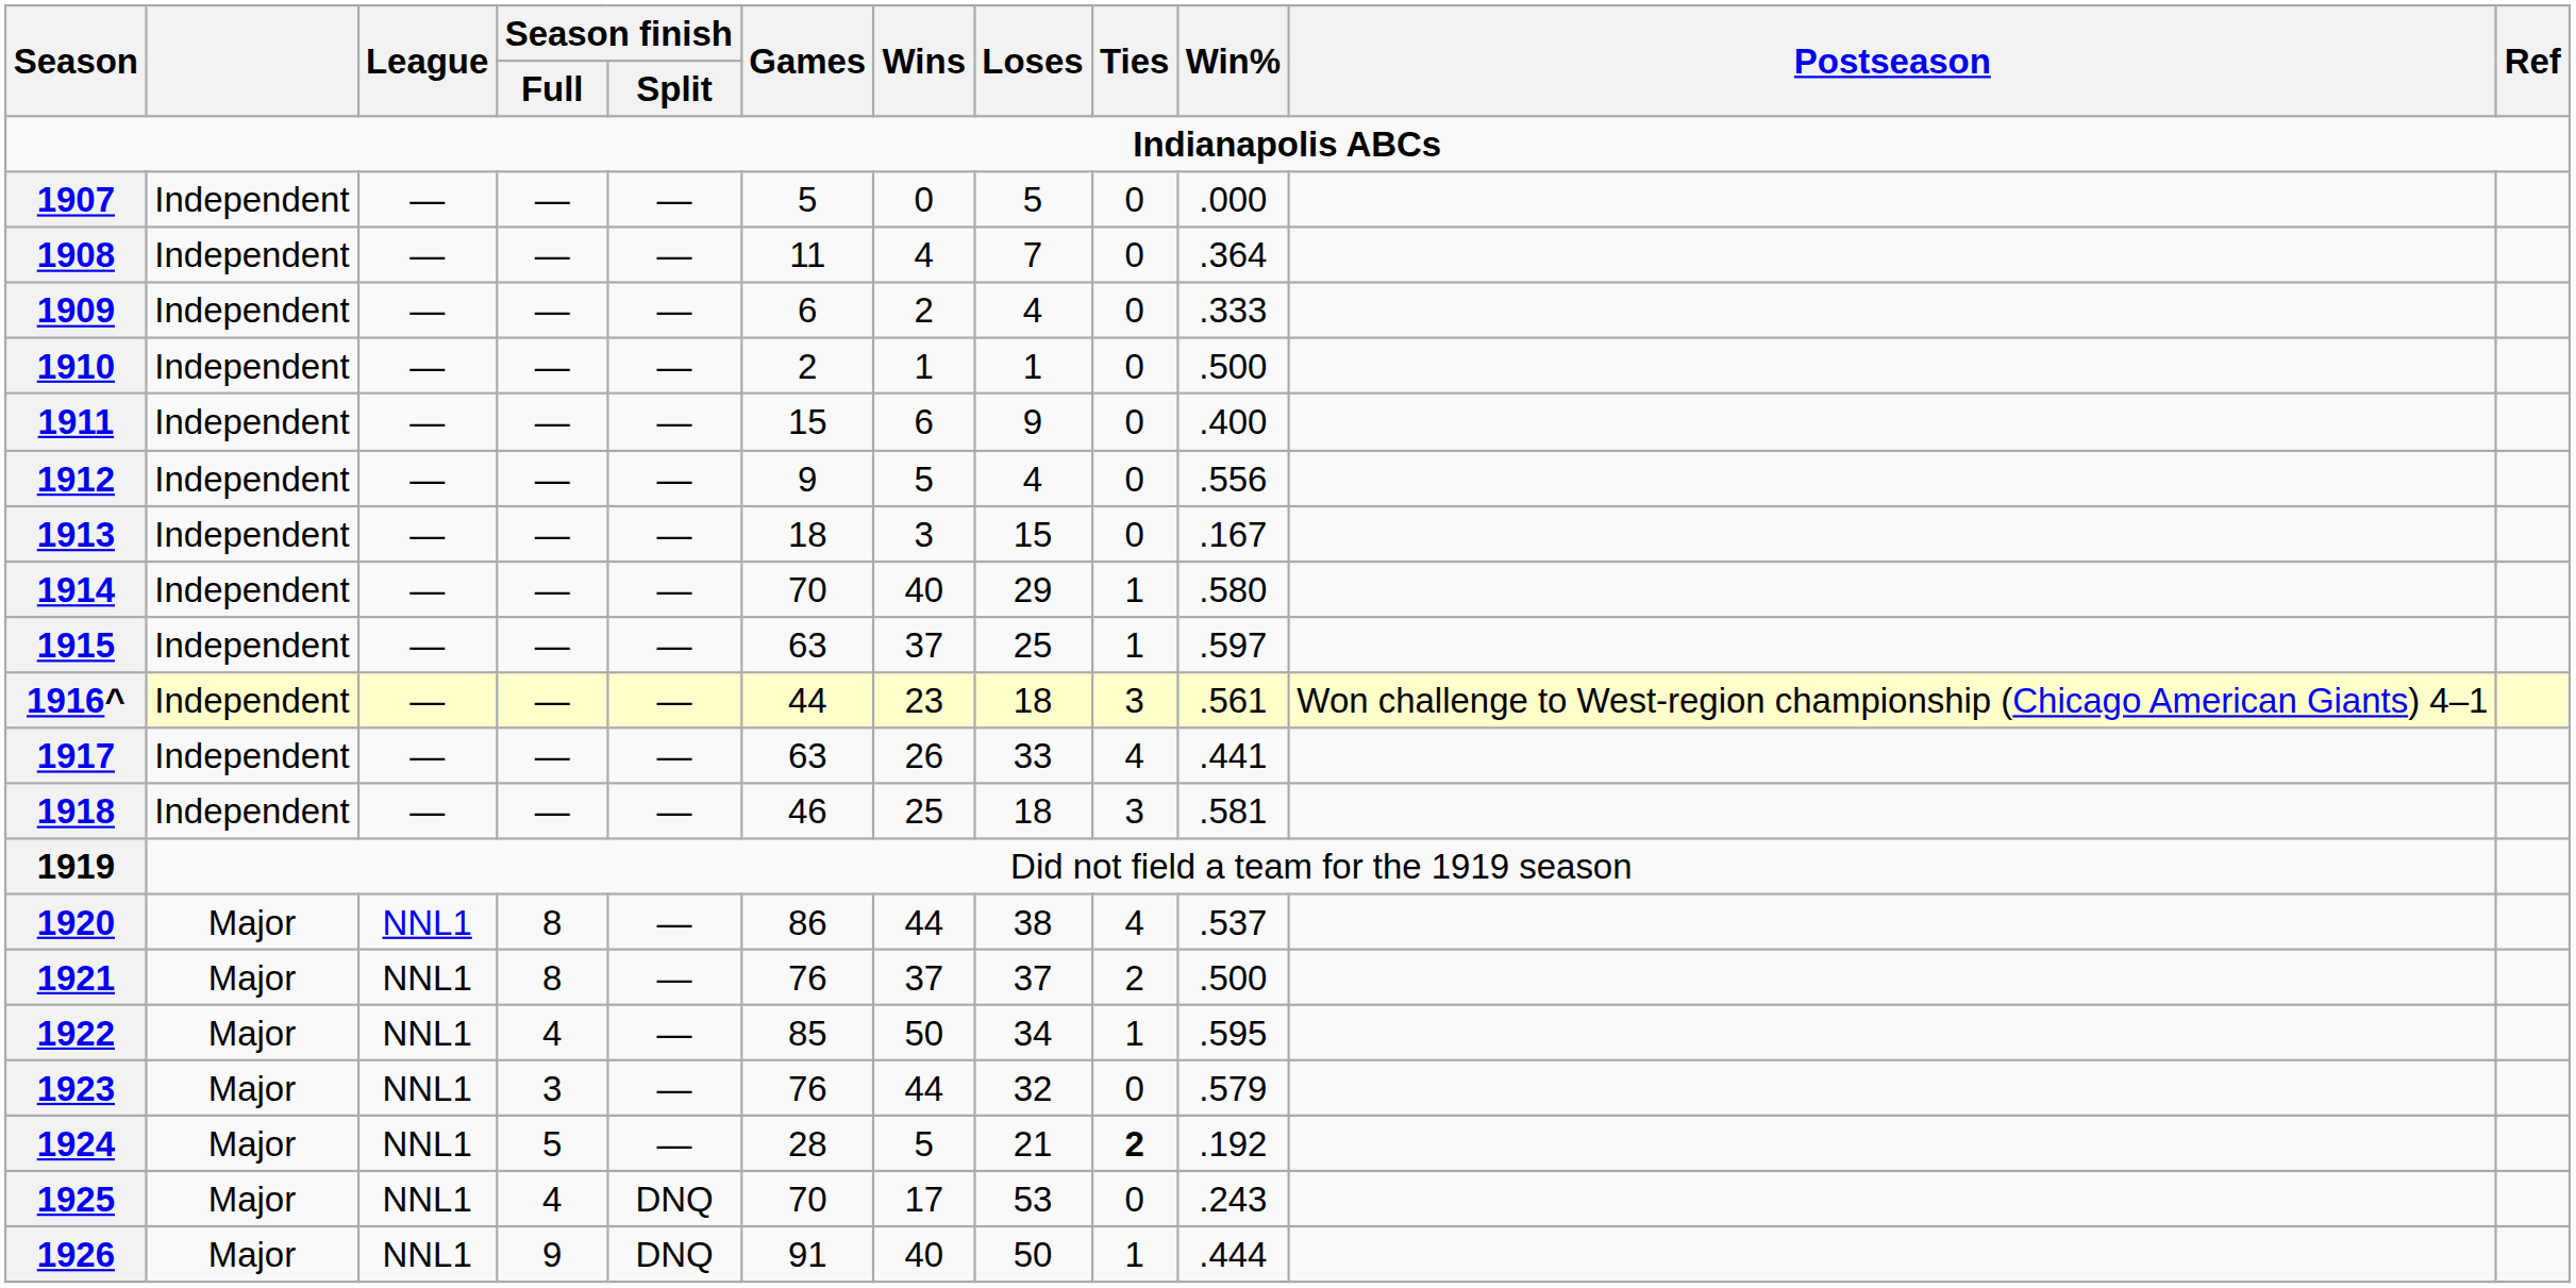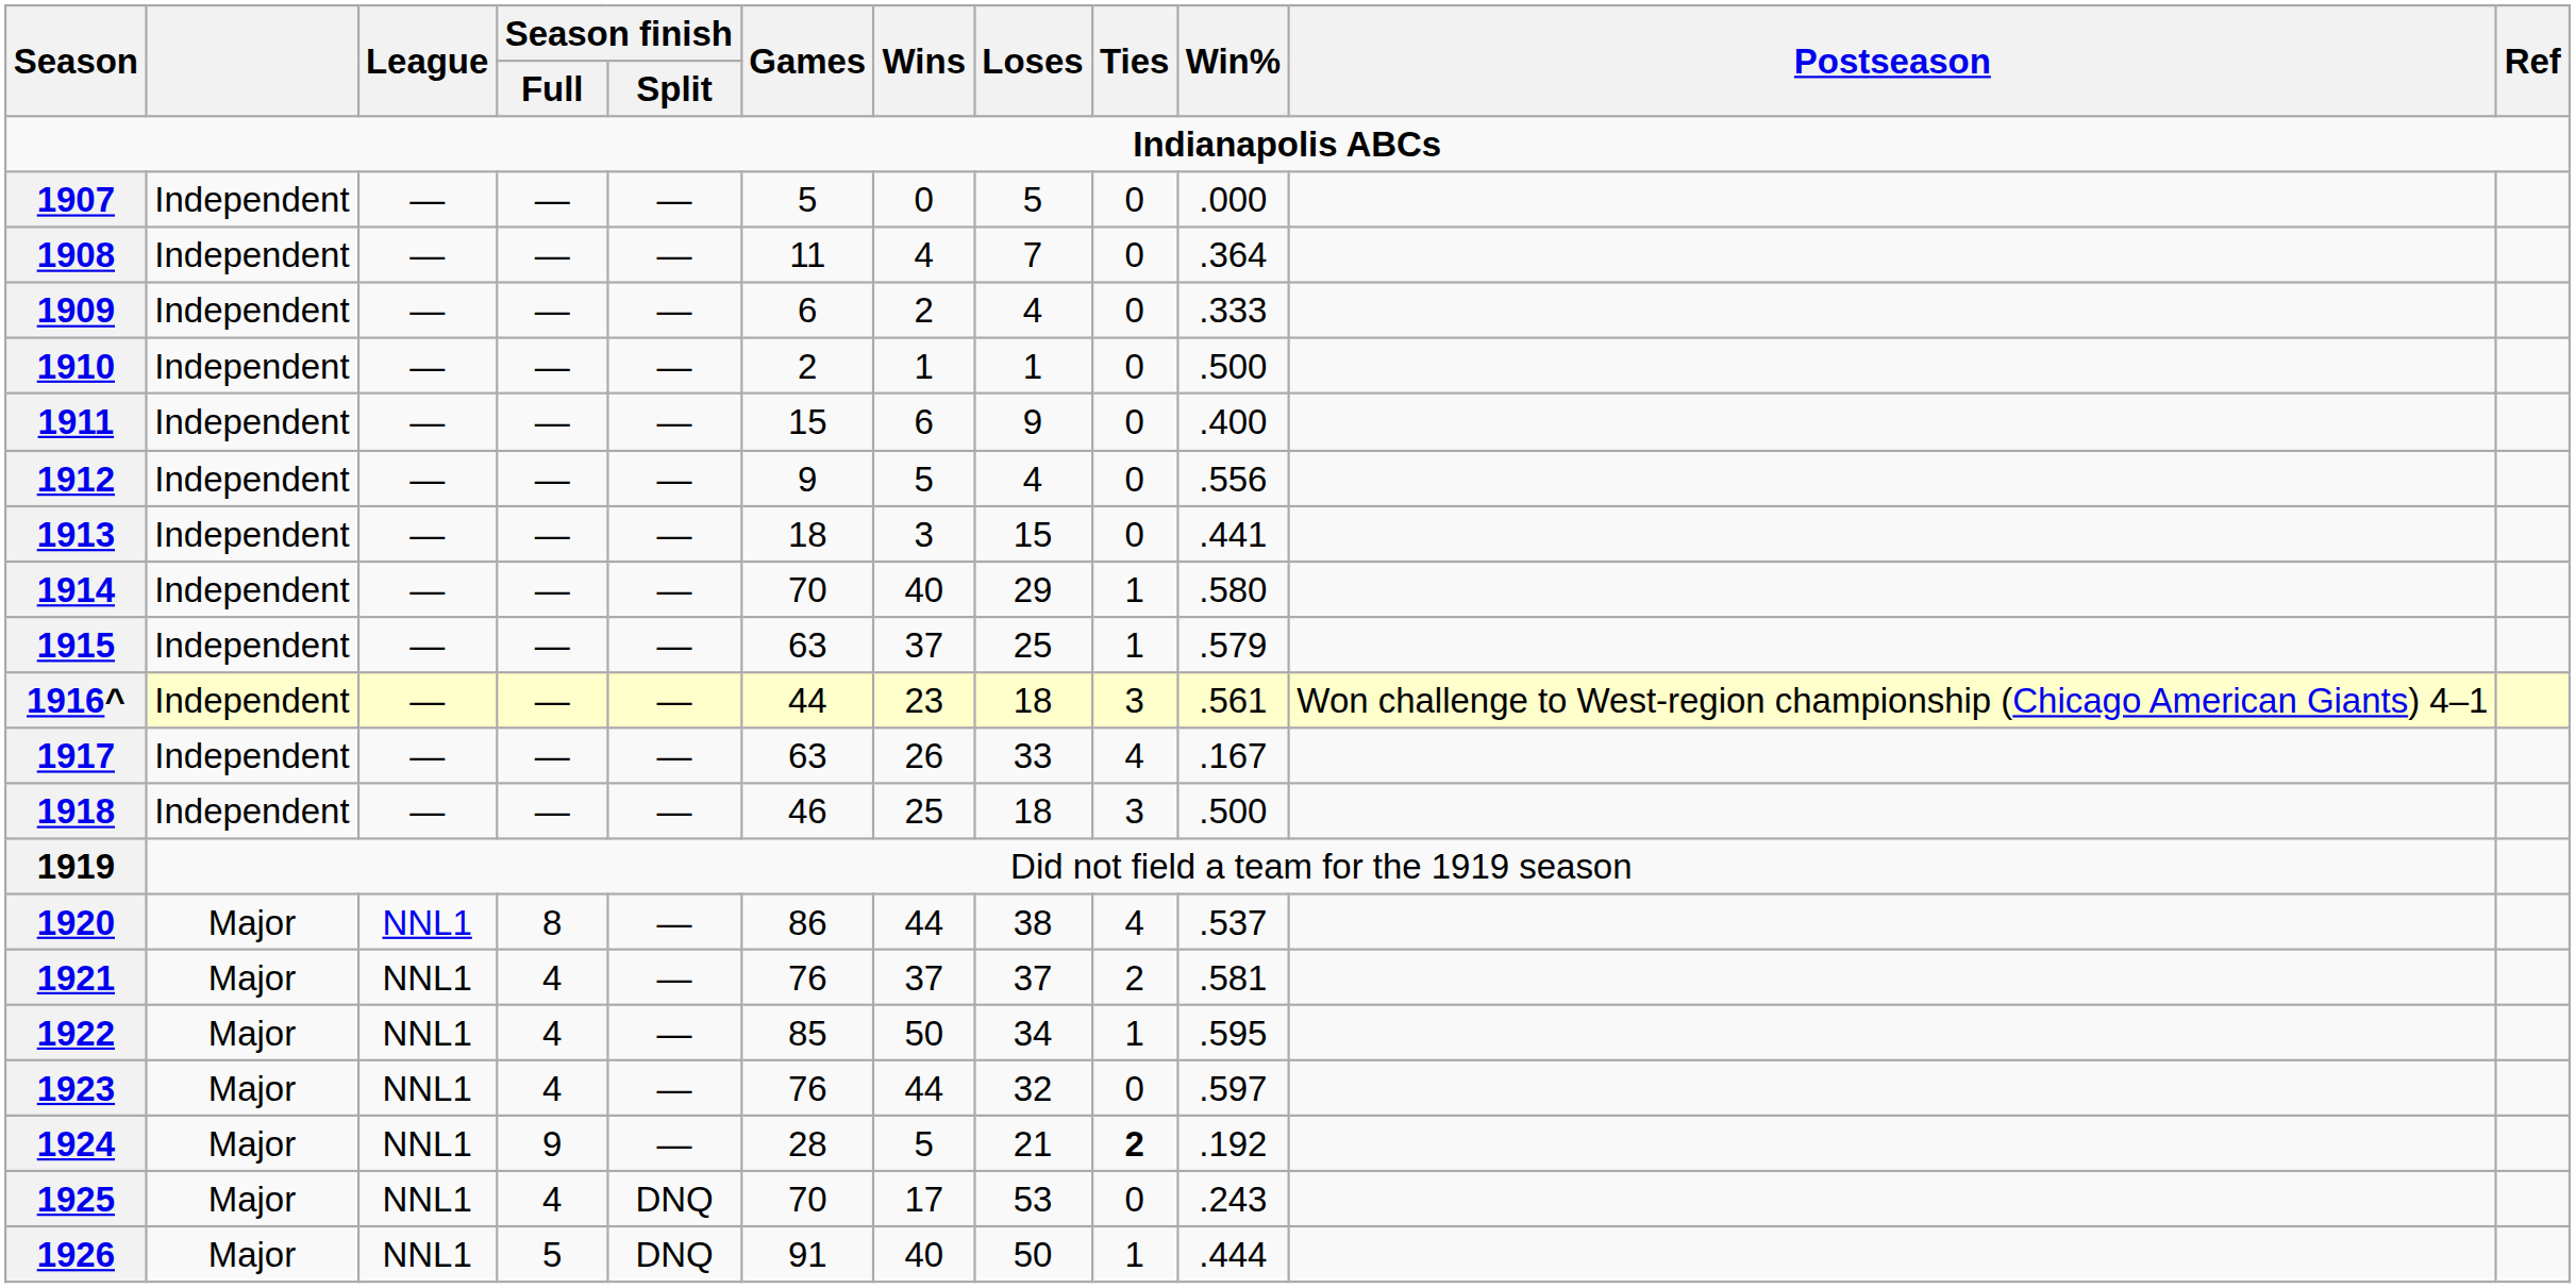 <table class="wikitable sortable" style="text-align:center; font-size:95%">
 <tr>
 <th rowspan="2">Season</th>
 <th rowspan="2"></th>
 <th rowspan="2">League</th>
 <th colspan="2">Season finish</th>
 <th rowspan="2">Games</th>
 <th rowspan="2">Wins</th>
 <th rowspan="2">Loses</th>
 <th rowspan="2">Ties</th>
 <th rowspan="2">Win%</th>
 <th rowspan="2"><a href='#'>Postseason</a></th>
 <th rowspan="2">Ref</th>
 </tr>
 <tr>
 <th>Full</th>
 <th>Split</th>
 </tr>
 <tr>
 <td align="center" colspan="12"><strong>Indianapolis ABCs</strong></td>
 </tr>
 <tr>
 <th><a href='#'>1907</a></th>
 <td>Independent</td>
 <td>—</td>
 <td>—</td>
 <td>—</td>
 <td>5</td>
 <td>0</td>
 <td>5</td>
 <td>0</td>
 <td>.000</td>
 <td></td>
 <td></td>
 </tr>
 <tr>
 <th><a href='#'>1908</a></th>
 <td>Independent</td>
 <td>—</td>
 <td>—</td>
 <td>—</td>
 <td>11</td>
 <td>4</td>
 <td>7</td>
 <td>0</td>
 <td>.364</td>
 <td></td>
 <td></td>
 </tr>
 <tr>
 <th><a href='#'>1909</a></th>
 <td>Independent</td>
 <td>—</td>
 <td>—</td>
 <td>—</td>
 <td>6</td>
 <td>2</td>
 <td>4</td>
 <td>0</td>
 <td>.333</td>
 <td></td>
 <td></td>
 </tr>
 <tr>
 <th><a href='#'>1910</a></th>
 <td>Independent</td>
 <td>—</td>
 <td>—</td>
 <td>—</td>
 <td>2</td>
 <td>1</td>
 <td>1</td>
 <td>0</td>
 <td>.500</td>
 <td></td>
 <td></td>
 </tr>
 <tr>
 <th><a href='#'>1911</a></th>
 <td>Independent</td>
 <td>—</td>
 <td>—</td>
 <td>—</td>
 <td>15</td>
 <td>6</td>
 <td>9</td>
 <td>0</td>
 <td>.400</td>
 <td></td>
 <td></td>
 </tr>
 <tr>
 <th><a href='#'>1912</a></th>
 <td>Independent</td>
 <td>—</td>
 <td>—</td>
 <td>—</td>
 <td>9</td>
 <td>5</td>
 <td>4</td>
 <td>0</td>
 <td>.556</td>
 <td></td>
 <td></td>
 </tr>
 <tr>
 <th><a href='#'>1913</a></th>
 <td>Independent</td>
 <td>—</td>
 <td>—</td>
 <td>—</td>
 <td>18</td>
 <td>3</td>
 <td>15</td>
 <td>0</td>
-<td>.167</td>
+<td>.441</td>
 <td></td>
 <td></td>
 </tr>
 <tr>
 <th><a href='#'>1914</a></th>
 <td>Independent</td>
 <td>—</td>
 <td>—</td>
 <td>—</td>
 <td>70</td>
 <td>40</td>
 <td>29</td>
 <td>1</td>
 <td>.580</td>
 <td></td>
 <td></td>
 </tr>
 <tr>
 <th><a href='#'>1915</a></th>
 <td>Independent</td>
 <td>—</td>
 <td>—</td>
 <td>—</td>
 <td>63</td>
 <td>37</td>
 <td>25</td>
 <td>1</td>
-<td>.597</td>
+<td>.579</td>
 <td></td>
 <td></td>
 </tr>
 <tr bgcolor="#FFFFCC">
 <th><a href='#'>1916</a>^</th>
 <td>Independent</td>
 <td>—</td>
 <td>—</td>
 <td>—</td>
 <td>44</td>
 <td>23</td>
 <td>18</td>
 <td>3</td>
 <td>.561</td>
 <td>Won challenge to West-region championship (<a href='#'>Chicago American Giants</a>) 4–1</td>
 <td></td>
 </tr>
 <tr>
 <th><a href='#'>1917</a></th>
 <td>Independent</td>
 <td>—</td>
 <td>—</td>
 <td>—</td>
 <td>63</td>
 <td>26</td>
 <td>33</td>
 <td>4</td>
-<td>.441</td>
+<td>.167</td>
 <td></td>
 <td></td>
 </tr>
 <tr>
 <th><a href='#'>1918</a></th>
 <td>Independent</td>
 <td>—</td>
 <td>—</td>
 <td>—</td>
 <td>46</td>
 <td>25</td>
 <td>18</td>
 <td>3</td>
-<td>.581</td>
+<td>.500</td>
 <td></td>
 <td></td>
 </tr>
 <tr>
 <th>1919</th>
 <td colspan="10">Did not field a team for the 1919 season</td>
 <td></td>
 </tr>
 <tr>
 <th><a href='#'>1920</a></th>
 <td>Major</td>
 <td><a href='#'>NNL1</a></td>
 <td>8</td>
 <td>—</td>
 <td>86</td>
 <td>44</td>
 <td>38</td>
 <td>4</td>
 <td>.537</td>
 <td></td>
 <td></td>
 </tr>
 <tr>
 <th><a href='#'>1921</a></th>
 <td>Major</td>
 <td>NNL1</td>
-<td>8</td>
+<td>4</td>
 <td>—</td>
 <td>76</td>
 <td>37</td>
 <td>37</td>
 <td>2</td>
-<td>.500</td>
+<td>.581</td>
 <td></td>
 <td></td>
 </tr>
 <tr>
 <th><a href='#'>1922</a></th>
 <td>Major</td>
 <td>NNL1</td>
 <td>4</td>
 <td>—</td>
 <td>85</td>
 <td>50</td>
 <td>34</td>
 <td>1</td>
 <td>.595</td>
 <td></td>
 <td></td>
 </tr>
 <tr>
 <th><a href='#'>1923</a></th>
 <td>Major</td>
 <td>NNL1</td>
-<td>3</td>
+<td>4</td>
 <td>—</td>
 <td>76</td>
 <td>44</td>
 <td>32</td>
 <td>0</td>
-<td>.579</td>
+<td>.597</td>
 <td></td>
 <td></td>
 </tr>
 <tr>
 <th><a href='#'>1924</a></th>
 <td>Major</td>
 <td>NNL1</td>
-<td>5</td>
+<td>9</td>
 <td>—</td>
 <td>28</td>
 <td>5</td>
 <td>21</td>
 <td><strong>2</strong></td>
 <td>.192</td>
 <td></td>
 <td></td>
 </tr>
 <tr>
 <th><a href='#'>1925</a></th>
 <td>Major</td>
 <td>NNL1</td>
 <td>4</td>
 <td>DNQ</td>
 <td>70</td>
 <td>17</td>
 <td>53</td>
 <td>0</td>
 <td>.243</td>
 <td></td>
 <td></td>
 </tr>
 <tr>
 <th><a href='#'>1926</a></th>
 <td>Major</td>
 <td>NNL1</td>
-<td>9</td>
+<td>5</td>
 <td>DNQ</td>
 <td>91</td>
 <td>40</td>
 <td>50</td>
 <td>1</td>
 <td>.444</td>
 <td></td>
 <td></td>
 </tr>
 </table>
